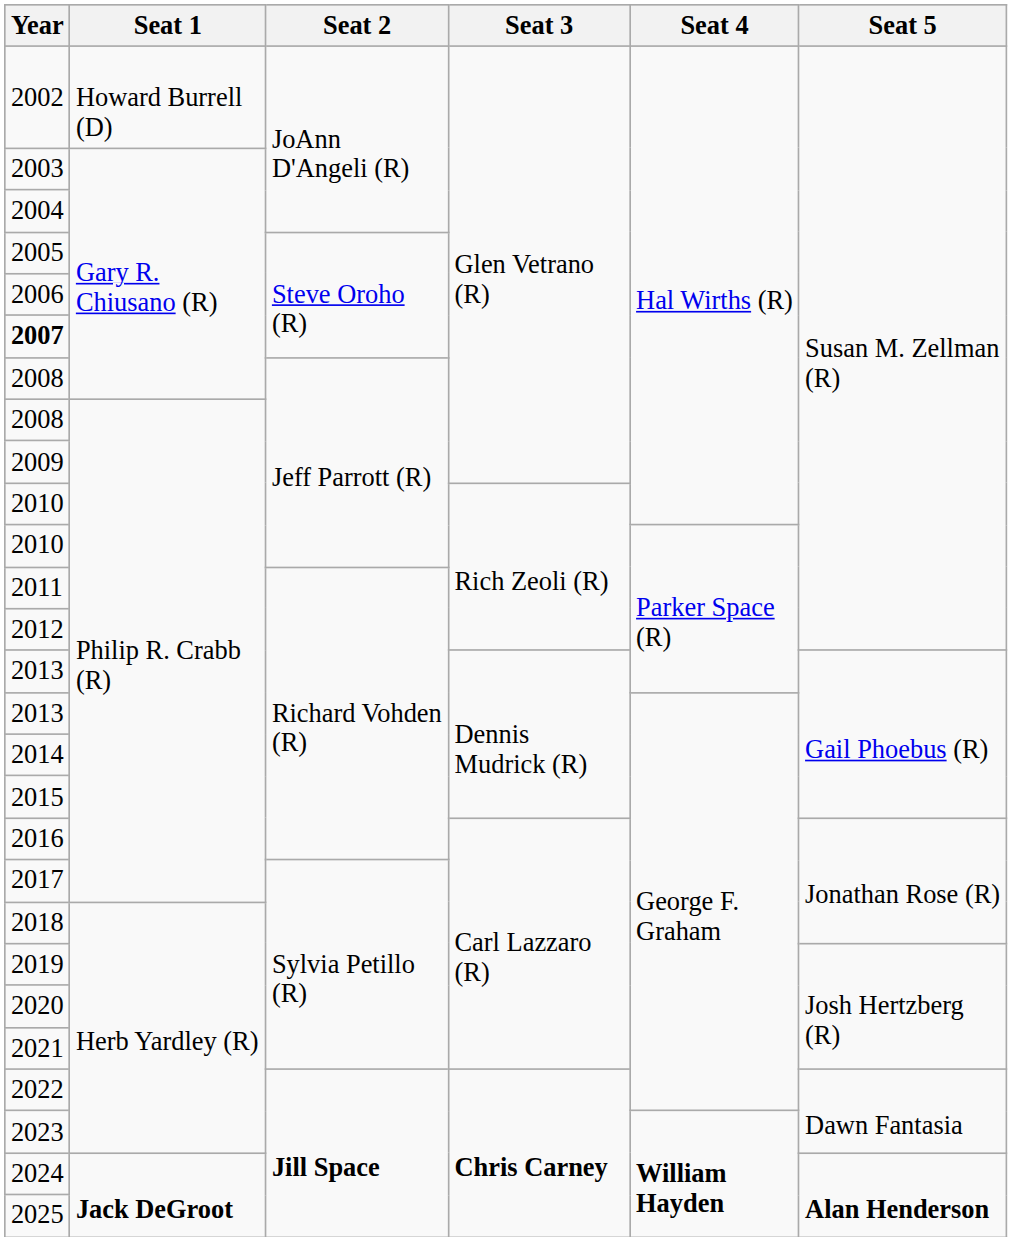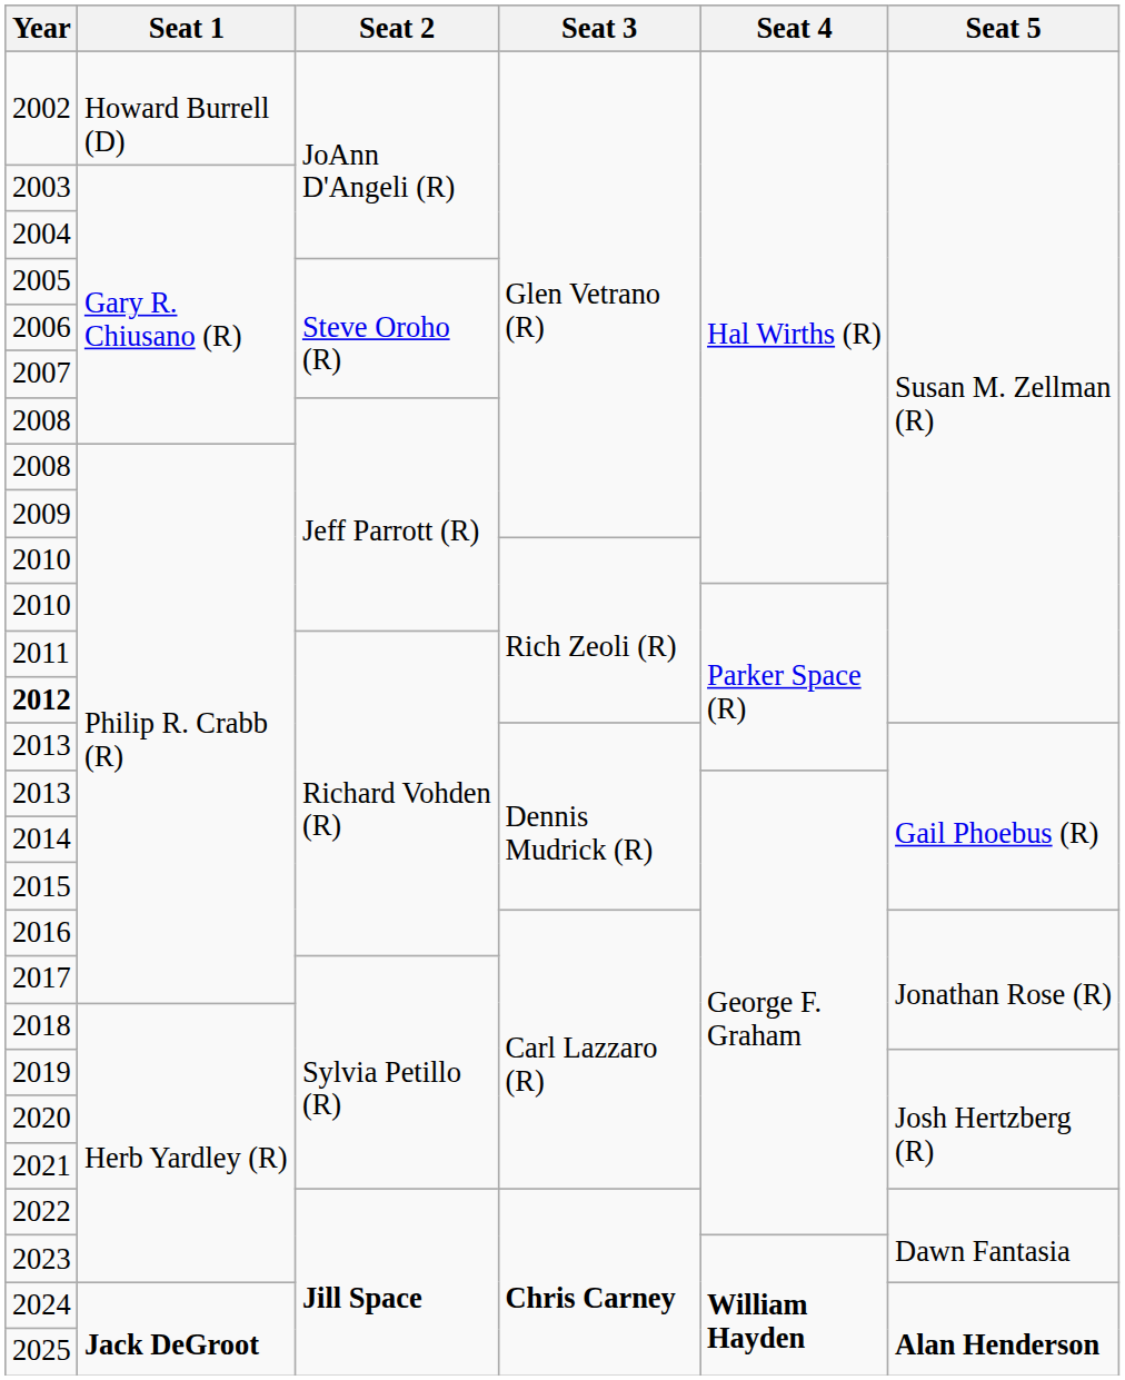 <table class="wikitable">
 <tr>
 <th>Year</th>
 <th>Seat 1</th>
 <th>Seat 2</th>
 <th>Seat 3</th>
 <th>Seat 4</th>
 <th>Seat 5</th>
 </tr>
 <tr>
 <td>2002</td>
 <td><br>Howard Burrell (D)</td>
 <td rowspan="3" ><br>JoAnn D'Angeli (R)</td>
 <td rowspan="9" ><br>Glen Vetrano (R)</td>
 <td rowspan="10" ><br><a href='#'>Hal Wirths</a> (R)</td>
 <td rowspan="13" ><br>Susan M. Zellman (R)</td>
 </tr>
 <tr>
 <td>2003</td>
 <td rowspan="6" ><br><a href='#'>Gary R. Chiusano</a> (R)</td>
 </tr>
 <tr>
 <td>2004</td>
 </tr>
 <tr>
 <td>2005</td>
 <td rowspan="3" ><br><a href='#'>Steve Oroho</a> (R)</td>
 </tr>
 <tr>
 <td>2006</td>
 </tr>
 <tr>
-<td><strong>2007</strong></td>
+<td>2007</td>
 </tr>
 <tr>
 <td>2008</td>
 <td rowspan="5" ><br>Jeff Parrott (R)</td>
 </tr>
 <tr>
 <td>2008</td>
 <td rowspan="12" ><br>Philip R. Crabb (R)</td>
 </tr>
 <tr>
 <td>2009</td>
 </tr>
 <tr>
 <td>2010</td>
 <td rowspan="4" ><br>Rich Zeoli (R)</td>
 </tr>
 <tr>
 <td>2010</td>
 <td rowspan="4" ><br><a href='#'>Parker Space</a> (R)  </td>
 </tr>
 <tr>
 <td>2011</td>
 <td rowspan="7" ><br>Richard Vohden (R)</td>
 </tr>
 <tr>
-<td>2012</td>
+<td><strong>2012</strong></td>
 </tr>
 <tr>
 <td>2013</td>
 <td rowspan="4" ><br>Dennis Mudrick (R)</td>
 <td rowspan="4" ><br><a href='#'>Gail Phoebus</a> (R)</td>
 </tr>
 <tr>
 <td>2013</td>
 <td rowspan="10" ><br>George F. Graham </td>
 </tr>
 <tr>
 <td>2014</td>
 </tr>
 <tr>
 <td>2015</td>
 </tr>
 <tr>
 <td>2016</td>
 <td rowspan="6" ><br>Carl Lazzaro (R)</td>
 <td rowspan="3" ><br>Jonathan Rose (R)</td>
 </tr>
 <tr>
 <td>2017</td>
 <td rowspan="5" ><br>Sylvia Petillo (R)</td>
 </tr>
 <tr>
 <td>2018</td>
 <td rowspan="6" ><br>Herb Yardley (R)</td>
 </tr>
 <tr>
 <td>2019</td>
 <td rowspan="3" ><br>Josh Hertzberg (R)</td>
 </tr>
 <tr>
 <td>2020</td>
 </tr>
 <tr>
 <td>2021</td>
 </tr>
 <tr>
 <td>2022</td>
 <td rowspan="4" ><br><strong>Jill Space</strong> </td>
 <td rowspan="4" ><br><strong>Chris Carney</strong></td>
 <td rowspan="2" ><br>Dawn Fantasia</td>
 </tr>
 <tr>
 <td>2023</td>
 <td rowspan="3" ><br><strong>William Hayden</strong></td>
 </tr>
 <tr>
 <td>2024</td>
 <td rowspan="2" ><br><strong>Jack DeGroot</strong></td>
 <td rowspan="2" ><br><strong>Alan Henderson</strong></td>
 </tr>
 <tr>
 <td>2025</td>
 </tr>
 </table>
